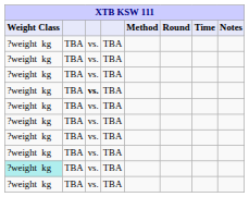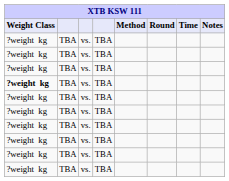 <table class="wikitable" style="font-size: 80%;">
 <tr>
 <th colspan="8" style="background-color: #ccf; color: #000080; text-align: center;"><strong>XTB KSW 111</strong></th>
 </tr>
 <tr>
 <th colspan="1" style="background-color: #E6E8FA; color: #000000; text-align: center;">Weight Class</th>
 <th colspan="1" style="background-color: #E6E8FA; color: #000000; text-align: center;"></th>
 <th colspan="1" style="background-color: #E6E8FA; color: #000000; text-align: center;"></th>
 <th colspan="1" style="background-color: #E6E8FA; color: #000000; text-align: center;"></th>
 <th colspan="1" style="background-color: #E6E8FA; color: #000000; text-align: center;">Method</th>
 <th colspan="1" style="background-color: #E6E8FA; color: #000000; text-align: center;">Round</th>
 <th colspan="1" style="background-color: #E6E8FA; color: #000000; text-align: center;">Time</th>
 <th colspan="1" style="background-color: #E6E8FA; color: #000000; text-align: center;">Notes</th>
 </tr>
 <tr>
 <td>?weight  kg</td>
 <td> TBA</td>
 <td align=center>vs.</td>
 <td> TBA</td>
 <td></td>
 <td align=center></td>
 <td align=center></td>
 <td></td>
 </tr>
 <tr>
 <td>?weight  kg</td>
 <td> TBA</td>
 <td align=center>vs.</td>
 <td> TBA</td>
 <td></td>
 <td align=center></td>
 <td align=center></td>
 <td></td>
 </tr>
 <tr>
 <td>?weight  kg</td>
 <td> TBA</td>
 <td align=center>vs.</td>
 <td> TBA</td>
 <td></td>
 <td align=center></td>
 <td align=center></td>
 <td></td>
 </tr>
 <tr>
-<td>?weight  kg</td>
+<td><strong>?weight  kg</strong></td>
 <td> TBA</td>
-<td align=center><strong>vs.</strong></td>
+<td align=center>vs.</td>
 <td> TBA</td>
 <td></td>
 <td align=center></td>
 <td align=center></td>
 <td></td>
 </tr>
 <tr>
 <td>?weight  kg</td>
 <td> TBA</td>
 <td align=center>vs.</td>
 <td> TBA</td>
 <td></td>
 <td align=center></td>
 <td align=center></td>
 <td></td>
 </tr>
 <tr>
 <td>?weight  kg</td>
 <td> TBA</td>
 <td align=center>vs.</td>
 <td> TBA</td>
 <td></td>
 <td align=center></td>
 <td align=center></td>
 <td></td>
 </tr>
 <tr>
 <td>?weight  kg</td>
 <td> TBA</td>
 <td align=center>vs.</td>
 <td> TBA</td>
 <td></td>
 <td align=center></td>
 <td align=center></td>
 <td></td>
 </tr>
 <tr>
 <td>?weight  kg</td>
 <td> TBA</td>
 <td align=center>vs.</td>
 <td> TBA</td>
 <td></td>
 <td align=center></td>
 <td align=center></td>
 <td></td>
 </tr>
 <tr>
-<td style="background: paleturquoise;">?weight  kg</td>
+<td>?weight  kg</td>
 <td> TBA</td>
 <td align=center>vs.</td>
 <td> TBA</td>
 <td></td>
 <td align=center></td>
 <td align=center></td>
 <td></td>
 </tr>
 <tr>
 <td>?weight  kg</td>
 <td> TBA</td>
 <td align=center>vs.</td>
 <td> TBA</td>
 <td></td>
 <td align=center></td>
 <td align=center></td>
 <td></td>
 </tr>
 </table>
